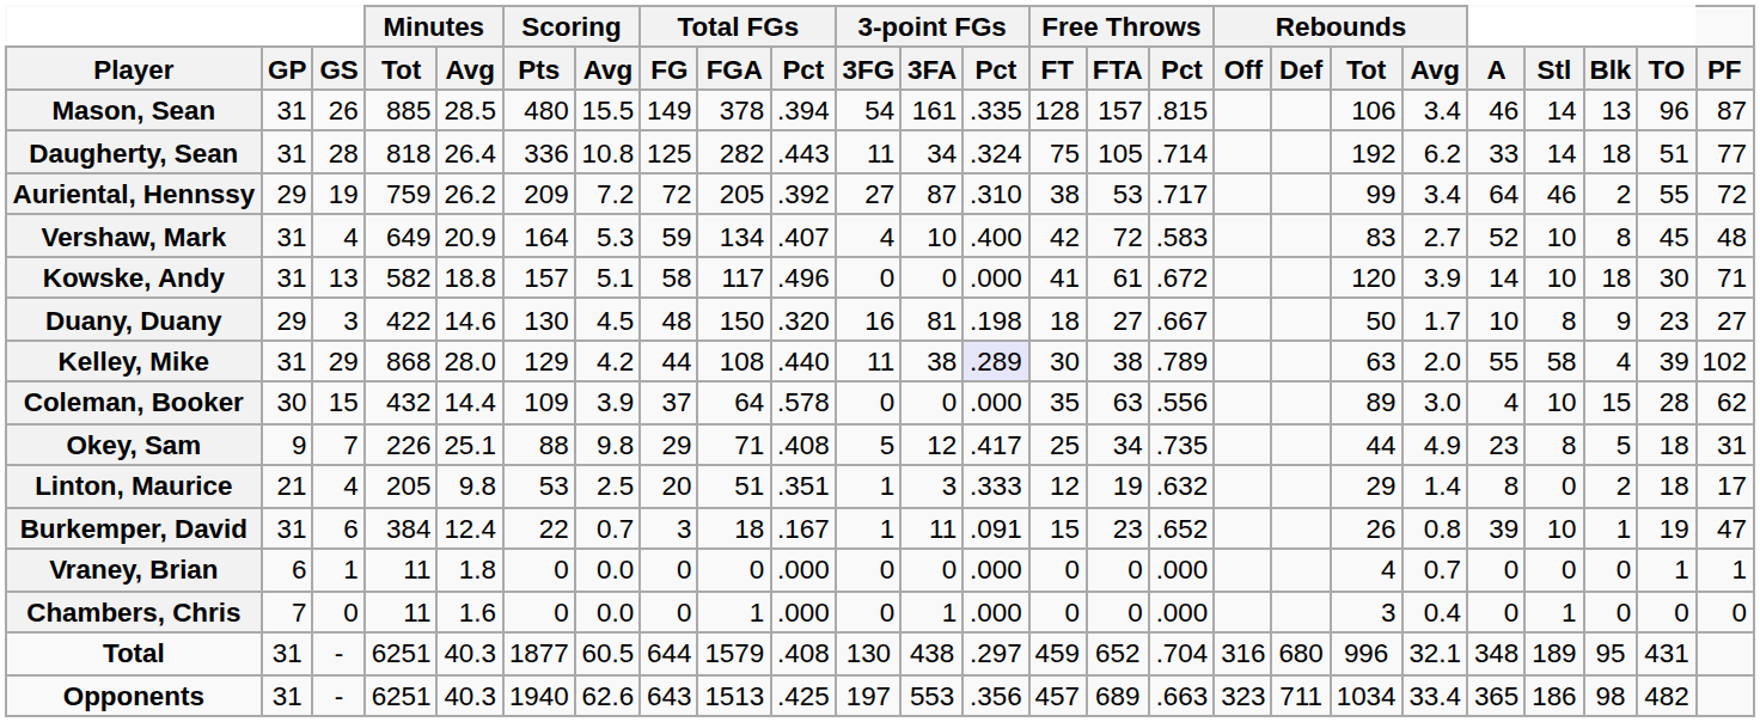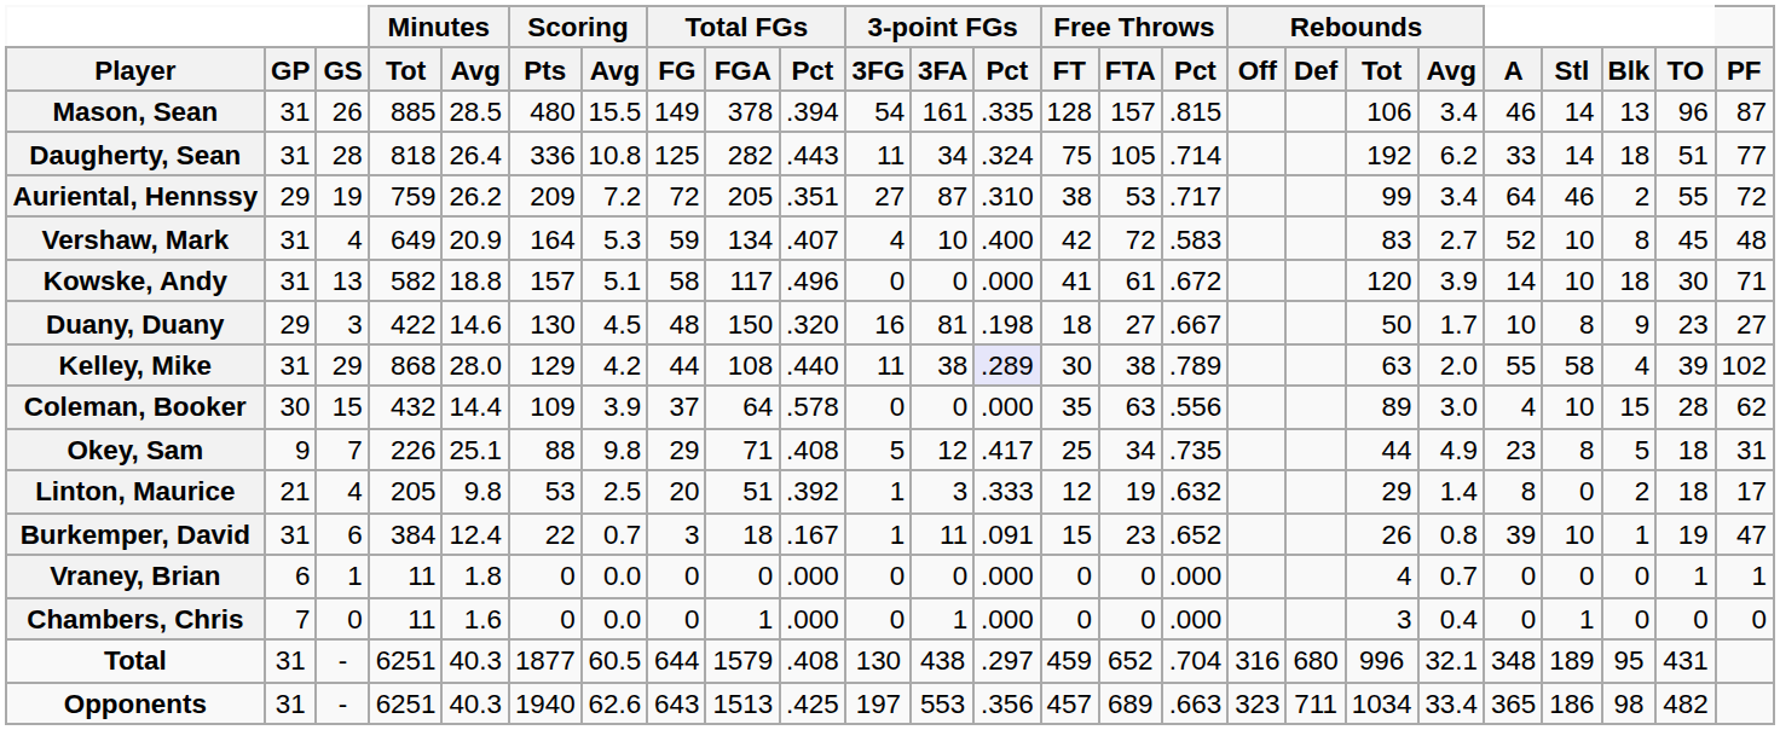 <table class="wikitable sortable" border="1" style="font-size:70%;">
 <tr>
 <th colspan="3" style="border-top-style:hidden; border-left-style:hidden; background: white;"></th>
 <th colspan="2">Minutes</th>
 <th colspan="2">Scoring</th>
 <th colspan="3">Total FGs</th>
 <th colspan="3">3-point FGs</th>
 <th colspan="3">Free Throws</th>
 <th colspan="4">Rebounds</th>
 <th colspan="4" style="border-top-style:hidden; border-right-style:hidden; background: white;"></th>
 </tr>
 <tr>
 <th scope="col">Player</th>
 <th scope="col">GP</th>
 <th scope="col">GS</th>
 <th scope="col">Tot</th>
 <th scope="col">Avg</th>
 <th scope="col">Pts</th>
 <th scope="col">Avg</th>
 <th scope="col">FG</th>
 <th scope="col">FGA</th>
 <th scope="col">Pct</th>
 <th scope="col">3FG</th>
 <th scope="col">3FA</th>
 <th scope="col">Pct</th>
 <th scope="col">FT</th>
 <th scope="col">FTA</th>
 <th scope="col">Pct</th>
 <th scope="col">Off</th>
 <th scope="col">Def</th>
 <th scope="col">Tot</th>
 <th scope="col">Avg</th>
 <th scope="col">A</th>
 <th scope="col">Stl</th>
 <th scope="col">Blk</th>
 <th scope="col">TO</th>
 <th scope="col">PF</th>
 </tr>
 <tr>
 <th style="white-space:nowrap">Mason, Sean</th>
 <td align="right">31</td>
 <td align="right">26</td>
 <td align="right">885</td>
 <td align="right">28.5</td>
 <td align="right">480</td>
 <td align="right">15.5</td>
 <td align="right">149</td>
 <td align="right">378</td>
 <td align="right">.394</td>
 <td align="right">54</td>
 <td align="right">161</td>
 <td align="right">.335</td>
 <td align="right">128</td>
 <td align="right">157</td>
 <td align="right">.815</td>
 <td align="right"></td>
 <td align="right"></td>
 <td align="right">106</td>
 <td align="right">3.4</td>
 <td align="right">46</td>
 <td align="right">14</td>
 <td align="right">13</td>
 <td align="right">96</td>
 <td align="right">87</td>
 </tr>
 <tr>
 <th style="white-space:nowrap">Daugherty, Sean</th>
 <td align="right">31</td>
 <td align="right">28</td>
 <td align="right">818</td>
 <td align="right">26.4</td>
 <td align="right">336</td>
 <td align="right">10.8</td>
 <td align="right">125</td>
 <td align="right">282</td>
 <td align="right">.443</td>
 <td align="right">11</td>
 <td align="right">34</td>
 <td align="right">.324</td>
 <td align="right">75</td>
 <td align="right">105</td>
 <td align="right">.714</td>
 <td align="right"></td>
 <td align="right"></td>
 <td align="right">192</td>
 <td align="right">6.2</td>
 <td align="right">33</td>
 <td align="right">14</td>
 <td align="right">18</td>
 <td align="right">51</td>
 <td align="right">77</td>
 </tr>
 <tr>
 <th style="white-space:nowrap">Auriental, Hennssy</th>
 <td align="right">29</td>
 <td align="right">19</td>
 <td align="right">759</td>
 <td align="right">26.2</td>
 <td align="right">209</td>
 <td align="right">7.2</td>
 <td align="right">72</td>
 <td align="right">205</td>
-<td align="right">.392</td>
+<td align="right">.351</td>
 <td align="right">27</td>
 <td align="right">87</td>
 <td align="right">.310</td>
 <td align="right">38</td>
 <td align="right">53</td>
 <td align="right">.717</td>
 <td align="right"></td>
 <td align="right"></td>
 <td align="right">99</td>
 <td align="right">3.4</td>
 <td align="right">64</td>
 <td align="right">46</td>
 <td align="right">2</td>
 <td align="right">55</td>
 <td align="right">72</td>
 </tr>
 <tr>
 <th style="white-space:nowrap">Vershaw, Mark</th>
 <td align="right">31</td>
 <td align="right">4</td>
 <td align="right">649</td>
 <td align="right">20.9</td>
 <td align="right">164</td>
 <td align="right">5.3</td>
 <td align="right">59</td>
 <td align="right">134</td>
 <td align="right">.407</td>
 <td align="right">4</td>
 <td align="right">10</td>
 <td align="right">.400</td>
 <td align="right">42</td>
 <td align="right">72</td>
 <td align="right">.583</td>
 <td align="right"></td>
 <td align="right"></td>
 <td align="right">83</td>
 <td align="right">2.7</td>
 <td align="right">52</td>
 <td align="right">10</td>
 <td align="right">8</td>
 <td align="right">45</td>
 <td align="right">48</td>
 </tr>
 <tr>
 <th style="white-space:nowrap">Kowske, Andy</th>
 <td align="right">31</td>
 <td align="right">13</td>
 <td align="right">582</td>
 <td align="right">18.8</td>
 <td align="right">157</td>
 <td align="right">5.1</td>
 <td align="right">58</td>
 <td align="right">117</td>
 <td align="right">.496</td>
 <td align="right">0</td>
 <td align="right">0</td>
 <td align="right">.000</td>
 <td align="right">41</td>
 <td align="right">61</td>
 <td align="right">.672</td>
 <td align="right"></td>
 <td align="right"></td>
 <td align="right">120</td>
 <td align="right">3.9</td>
 <td align="right">14</td>
 <td align="right">10</td>
 <td align="right">18</td>
 <td align="right">30</td>
 <td align="right">71</td>
 </tr>
 <tr>
 <th style="white-space:nowrap">Duany, Duany</th>
 <td align="right">29</td>
 <td align="right">3</td>
 <td align="right">422</td>
 <td align="right">14.6</td>
 <td align="right">130</td>
 <td align="right">4.5</td>
 <td align="right">48</td>
 <td align="right">150</td>
 <td align="right">.320</td>
 <td align="right">16</td>
 <td align="right">81</td>
 <td align="right">.198</td>
 <td align="right">18</td>
 <td align="right">27</td>
 <td align="right">.667</td>
 <td align="right"></td>
 <td align="right"></td>
 <td align="right">50</td>
 <td align="right">1.7</td>
 <td align="right">10</td>
 <td align="right">8</td>
 <td align="right">9</td>
 <td align="right">23</td>
 <td align="right">27</td>
 </tr>
 <tr>
 <th style="white-space:nowrap">Kelley, Mike</th>
 <td align="right">31</td>
 <td align="right">29</td>
 <td align="right">868</td>
 <td align="right">28.0</td>
 <td align="right">129</td>
 <td align="right">4.2</td>
 <td align="right">44</td>
 <td align="right">108</td>
 <td align="right">.440</td>
 <td align="right">11</td>
 <td align="right">38</td>
 <td align="right" style="background: lavender;">.289</td>
 <td align="right">30</td>
 <td align="right">38</td>
 <td align="right">.789</td>
 <td align="right"></td>
 <td align="right"></td>
 <td align="right">63</td>
 <td align="right">2.0</td>
 <td align="right">55</td>
 <td align="right">58</td>
 <td align="right">4</td>
 <td align="right">39</td>
 <td align="right">102</td>
 </tr>
 <tr>
 <th style="white-space:nowrap">Coleman, Booker</th>
 <td align="right">30</td>
 <td align="right">15</td>
 <td align="right">432</td>
 <td align="right">14.4</td>
 <td align="right">109</td>
 <td align="right">3.9</td>
 <td align="right">37</td>
 <td align="right">64</td>
 <td align="right">.578</td>
 <td align="right">0</td>
 <td align="right">0</td>
 <td align="right">.000</td>
 <td align="right">35</td>
 <td align="right">63</td>
 <td align="right">.556</td>
 <td align="right"></td>
 <td align="right"></td>
 <td align="right">89</td>
 <td align="right">3.0</td>
 <td align="right">4</td>
 <td align="right">10</td>
 <td align="right">15</td>
 <td align="right">28</td>
 <td align="right">62</td>
 </tr>
 <tr>
 <th style="white-space:nowrap">Okey, Sam</th>
 <td align="right">9</td>
 <td align="right">7</td>
 <td align="right">226</td>
 <td align="right">25.1</td>
 <td align="right">88</td>
 <td align="right">9.8</td>
 <td align="right">29</td>
 <td align="right">71</td>
 <td align="right">.408</td>
 <td align="right">5</td>
 <td align="right">12</td>
 <td align="right">.417</td>
 <td align="right">25</td>
 <td align="right">34</td>
 <td align="right">.735</td>
 <td align="right"></td>
 <td align="right"></td>
 <td align="right">44</td>
 <td align="right">4.9</td>
 <td align="right">23</td>
 <td align="right">8</td>
 <td align="right">5</td>
 <td align="right">18</td>
 <td align="right">31</td>
 </tr>
 <tr>
 <th style="white-space:nowrap">Linton, Maurice</th>
 <td align="right">21</td>
 <td align="right">4</td>
 <td align="right">205</td>
 <td align="right">9.8</td>
 <td align="right">53</td>
 <td align="right">2.5</td>
 <td align="right">20</td>
 <td align="right">51</td>
-<td align="right">.351</td>
+<td align="right">.392</td>
 <td align="right">1</td>
 <td align="right">3</td>
 <td align="right">.333</td>
 <td align="right">12</td>
 <td align="right">19</td>
 <td align="right">.632</td>
 <td align="right"></td>
 <td align="right"></td>
 <td align="right">29</td>
 <td align="right">1.4</td>
 <td align="right">8</td>
 <td align="right">0</td>
 <td align="right">2</td>
 <td align="right">18</td>
 <td align="right">17</td>
 </tr>
 <tr>
 <th style="white-space:nowrap">Burkemper, David</th>
 <td align="right">31</td>
 <td align="right">6</td>
 <td align="right">384</td>
 <td align="right">12.4</td>
 <td align="right">22</td>
 <td align="right">0.7</td>
 <td align="right">3</td>
 <td align="right">18</td>
 <td align="right">.167</td>
 <td align="right">1</td>
 <td align="right">11</td>
 <td align="right">.091</td>
 <td align="right">15</td>
 <td align="right">23</td>
 <td align="right">.652</td>
 <td align="right"></td>
 <td align="right"></td>
 <td align="right">26</td>
 <td align="right">0.8</td>
 <td align="right">39</td>
 <td align="right">10</td>
 <td align="right">1</td>
 <td align="right">19</td>
 <td align="right">47</td>
 </tr>
 <tr>
 <th style="white-space:nowrap">Vraney, Brian</th>
 <td align="right">6</td>
 <td align="right">1</td>
 <td align="right">11</td>
 <td align="right">1.8</td>
 <td align="right">0</td>
 <td align="right">0.0</td>
 <td align="right">0</td>
 <td align="right">0</td>
 <td align="right">.000</td>
 <td align="right">0</td>
 <td align="right">0</td>
 <td align="right">.000</td>
 <td align="right">0</td>
 <td align="right">0</td>
 <td align="right">.000</td>
 <td align="right"></td>
 <td align="right"></td>
 <td align="right">4</td>
 <td align="right">0.7</td>
 <td align="right">0</td>
 <td align="right">0</td>
 <td align="right">0</td>
 <td align="right">1</td>
 <td align="right">1</td>
 </tr>
 <tr>
 <th style="white-space:nowrap">Chambers, Chris</th>
 <td align="right">7</td>
 <td align="right">0</td>
 <td align="right">11</td>
 <td align="right">1.6</td>
 <td align="right">0</td>
 <td align="right">0.0</td>
 <td align="right">0</td>
 <td align="right">1</td>
 <td align="right">.000</td>
 <td align="right">0</td>
 <td align="right">1</td>
 <td align="right">.000</td>
 <td align="right">0</td>
 <td align="right">0</td>
 <td align="right">.000</td>
 <td align="right"></td>
 <td align="right"></td>
 <td align="right">3</td>
 <td align="right">0.4</td>
 <td align="right">0</td>
 <td align="right">1</td>
 <td align="right">0</td>
 <td align="right">0</td>
 <td align="right">0</td>
 </tr>
 <tr>
 </tr>
 <tr class="sortbottom">
 <td align="center"><strong>Total</strong></td>
 <td align="center">31</td>
 <td align="center">-</td>
 <td align="center">6251</td>
 <td align="center">40.3</td>
 <td align="center">1877</td>
 <td align="center">60.5</td>
 <td align="center">644</td>
 <td align="center">1579</td>
 <td align="center">.408</td>
 <td align="center">130</td>
 <td align="center">438</td>
 <td align="center">.297</td>
 <td align="center">459</td>
 <td align="center">652</td>
 <td align="center">.704</td>
 <td align="center">316</td>
 <td align="center">680</td>
 <td align="center">996</td>
 <td align="center">32.1</td>
 <td align="center">348</td>
 <td align="center">189</td>
 <td align="center">95</td>
 <td align="center">431</td>
 <td align="center"></td>
 </tr>
 <tr class="sortbottom">
 <td align="center"><strong>Opponents</strong></td>
 <td align="center">31</td>
 <td align="center">-</td>
 <td align="center">6251</td>
 <td align="center">40.3</td>
 <td align="center">1940</td>
 <td align="center">62.6</td>
 <td align="center">643</td>
 <td align="center">1513</td>
 <td align="center">.425</td>
 <td align="center">197</td>
 <td align="center">553</td>
 <td align="center">.356</td>
 <td align="center">457</td>
 <td align="center">689</td>
 <td align="center">.663</td>
 <td align="center">323</td>
 <td align="center">711</td>
 <td align="center">1034</td>
 <td align="center">33.4</td>
 <td align="center">365</td>
 <td align="center">186</td>
 <td align="center">98</td>
 <td align="center">482</td>
 <td align="center"></td>
 </tr>
 </table>
